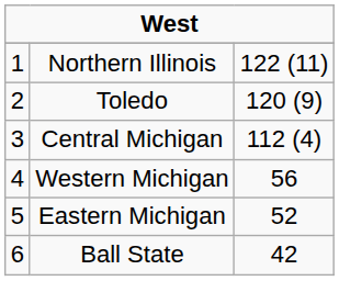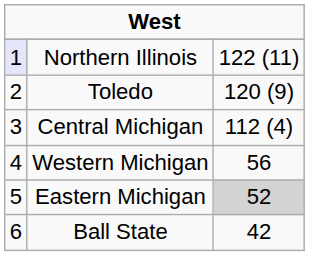 <table class="wikitable" style="display: inline-table;">
 <tr align="center">
 <td align="center" Colspan="3"><strong>West</strong></td>
 </tr>
 <tr align="center">
 </tr>
 <tr align="center">
-<td>1</td>
+<td style="background: lavender;">1</td>
 <td>Northern Illinois</td>
 <td>122 (11)</td>
 </tr>
 <tr align="center">
 <td>2</td>
 <td>Toledo</td>
 <td>120 (9)</td>
 </tr>
 <tr align="center">
 <td>3</td>
 <td>Central Michigan</td>
 <td>112 (4)</td>
 </tr>
 <tr align="center">
 <td>4</td>
 <td>Western Michigan</td>
 <td>56</td>
 </tr>
 <tr align="center">
 <td>5</td>
 <td>Eastern Michigan</td>
-<td>52</td>
+<td style="background: lightgrey;">52</td>
 </tr>
 <tr align="center">
 <td>6</td>
 <td>Ball State</td>
 <td>42</td>
 </tr>
 </table>
